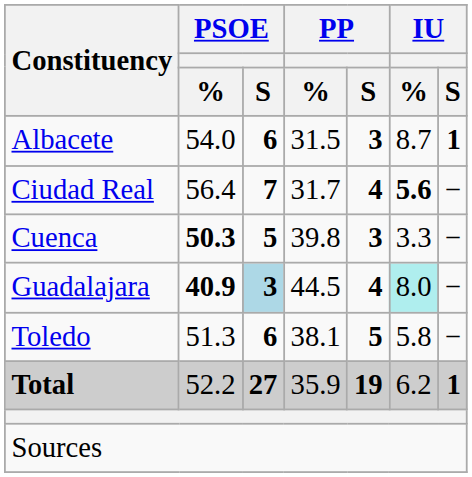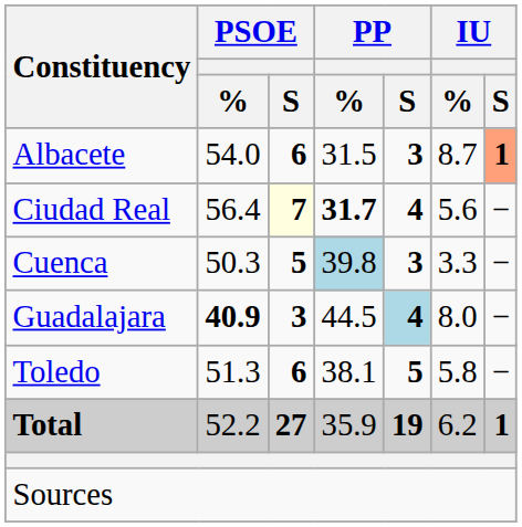 <table class="wikitable sortable" style="text-align:right; line-height:20px;">
 <tr>
 <th rowspan="3">Constituency</th>
 <th colspan="2" width="30px" class="unsortable"><a href='#'>PSOE</a></th>
 <th colspan="2" width="30px" class="unsortable"><a href='#'>PP</a></th>
 <th colspan="2" width="30px" class="unsortable"><a href='#'>IU</a></th>
 </tr>
 <tr>
 <th colspan="2" style="background:"></th>
 <th colspan="2" style="background:"></th>
 <th colspan="2" style="background:"></th>
 </tr>
 <tr>
 <th data-sort-type="number">%</th>
 <th data-sort-type="number">S</th>
 <th data-sort-type="number">%</th>
 <th data-sort-type="number">S</th>
 <th data-sort-type="number">%</th>
 <th data-sort-type="number">S</th>
 </tr>
 <tr>
 <td align="left"><a href='#'>Albacete</a></td>
 <td style="background:">54.0</td>
 <td><strong>6</strong></td>
 <td>31.5</td>
 <td><strong>3</strong></td>
 <td>8.7</td>
-<td><strong>1</strong></td>
+<td style="background: lightsalmon;"><strong>1</strong></td>
 </tr>
 <tr>
 <td align="left"><a href='#'>Ciudad Real</a></td>
 <td style="background:">56.4</td>
-<td><strong>7</strong></td>
-<td>31.7</td>
+<td style="background: lightyellow;"><strong>7</strong></td>
+<td><strong>31.7</strong></td>
 <td><strong>4</strong></td>
-<td><strong>5.6</strong></td>
+<td>5.6</td>
 <td>−</td>
 </tr>
 <tr>
 <td align="left"><a href='#'>Cuenca</a></td>
-<td style="background:"><strong>50.3</strong></td>
+<td style="background:">50.3</td>
 <td><strong>5</strong></td>
-<td>39.8</td>
+<td style="background: lightblue;">39.8</td>
 <td><strong>3</strong></td>
 <td>3.3</td>
 <td>−</td>
 </tr>
 <tr>
 <td align="left"><a href='#'>Guadalajara</a></td>
 <td><strong>40.9</strong></td>
-<td style="background: lightblue;"><strong>3</strong></td>
+<td><strong>3</strong></td>
 <td style="background:">44.5</td>
-<td><strong>4</strong></td>
-<td style="background: paleturquoise;">8.0</td>
+<td style="background: lightblue;"><strong>4</strong></td>
+<td>8.0</td>
 <td>−</td>
 </tr>
 <tr>
 <td align="left"><a href='#'>Toledo</a></td>
 <td style="background:">51.3</td>
 <td><strong>6</strong></td>
 <td>38.1</td>
 <td><strong>5</strong></td>
 <td>5.8</td>
 <td>−</td>
 </tr>
 <tr style="background:#CDCDCD;">
 <td align="left"><strong>Total</strong></td>
 <td style="background:">52.2</td>
 <td><strong>27</strong></td>
 <td>35.9</td>
 <td><strong>19</strong></td>
 <td>6.2</td>
 <td><strong>1</strong></td>
 </tr>
 <tr>
 <th colspan="7"></th>
 </tr>
 <tr>
 <th style="text-align:left; font-weight:normal; background:#F9F9F9" colspan="7">Sources</th>
 </tr>
 </table>
